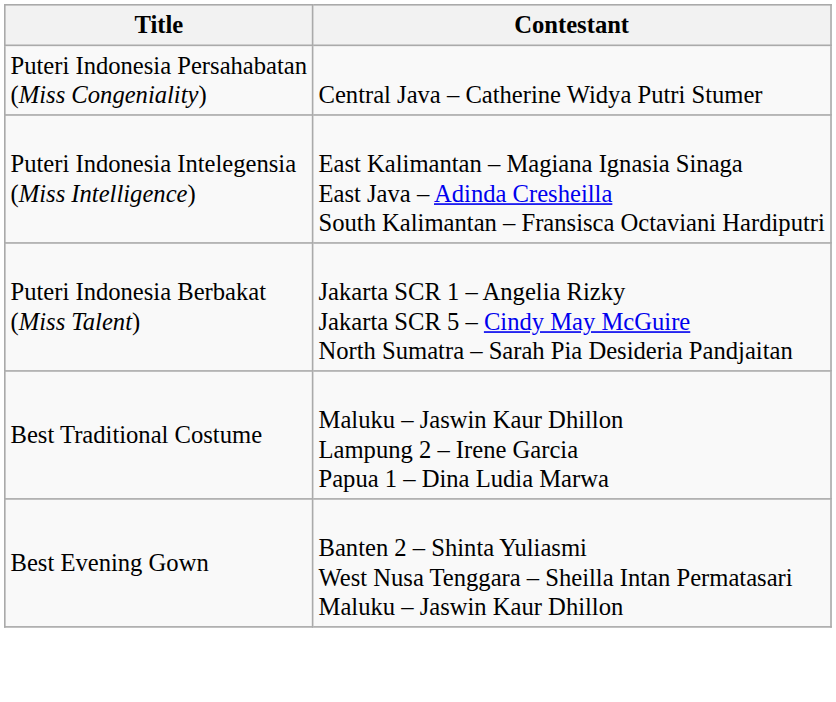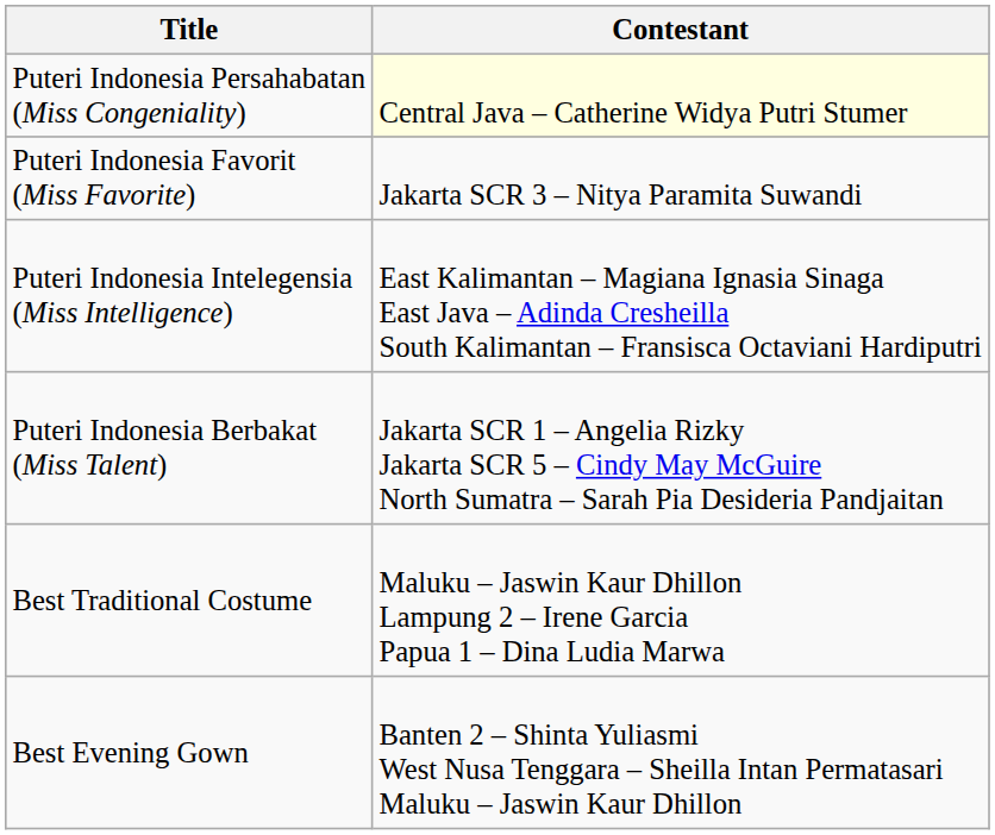 <table class="wikitable" style="font-size:95%;">
 <tr>
 <th>Title</th>
 <th>Contestant</th>
 </tr>
 <tr>
 <td>Puteri Indonesia Persahabatan<br>(<em>Miss Congeniality</em>)</td>
-<td><br>Central Java – Catherine Widya Putri Stumer</td>
+<td style="background: lightyellow;"><br>Central Java – Catherine Widya Putri Stumer</td>
+</tr>
+<tr>
+<td>Puteri Indonesia Favorit<br>(<em>Miss Favorite</em>)</td>
+<td><br>Jakarta SCR 3 – Nitya Paramita Suwandi</td>
 </tr>
 <tr>
 <td>Puteri Indonesia Intelegensia<br>(<em>Miss Intelligence</em>)</td>
 <td><br> East Kalimantan – Magiana Ignasia Sinaga<br>  East Java – <a href='#'>Adinda Cresheilla</a><br>  South Kalimantan – Fransisca Octaviani Hardiputri</td>
 </tr>
 <tr>
 <td>Puteri Indonesia Berbakat<br>(<em>Miss Talent</em>)</td>
 <td><br> Jakarta SCR 1 – Angelia Rizky<br>  Jakarta SCR 5 – <a href='#'>Cindy May McGuire</a><br>  North Sumatra  – Sarah Pia Desideria Pandjaitan</td>
 </tr>
 <tr>
 <td>Best Traditional Costume</td>
 <td><br> Maluku – Jaswin Kaur Dhillon<br>  Lampung 2 – Irene Garcia<br>  Papua 1 – Dina Ludia Marwa</td>
 </tr>
 <tr>
 <td>Best Evening Gown</td>
 <td><br> Banten 2 – Shinta Yuliasmi<br>  West Nusa Tenggara – Sheilla Intan Permatasari<br>  Maluku – Jaswin Kaur Dhillon</td>
 </tr>
 </table>
